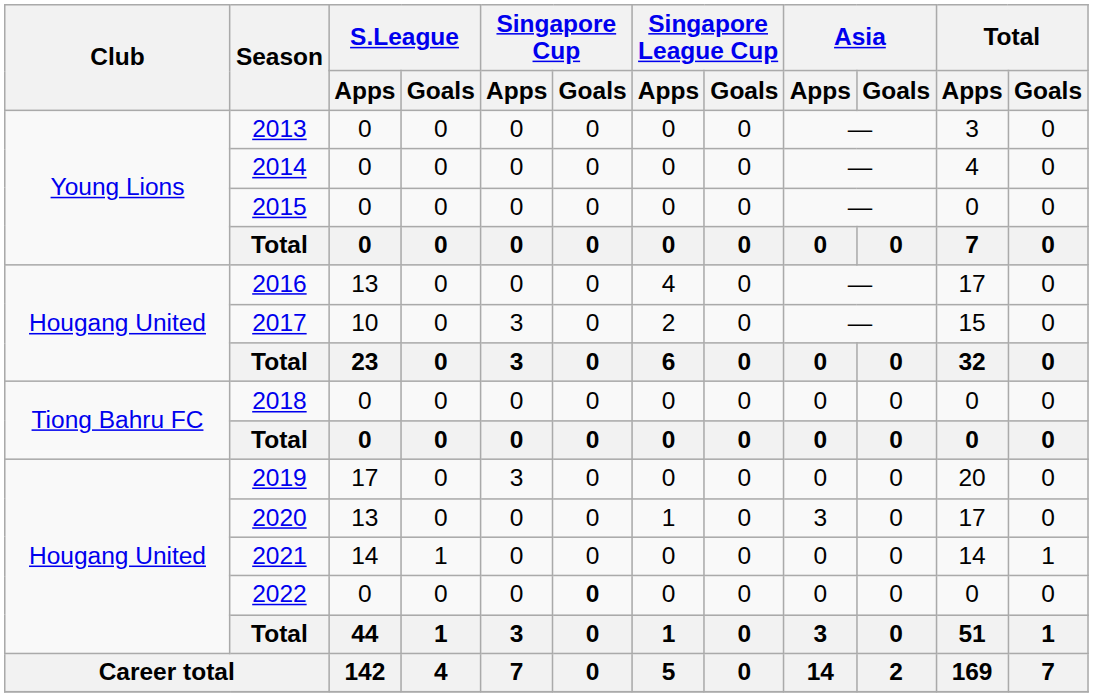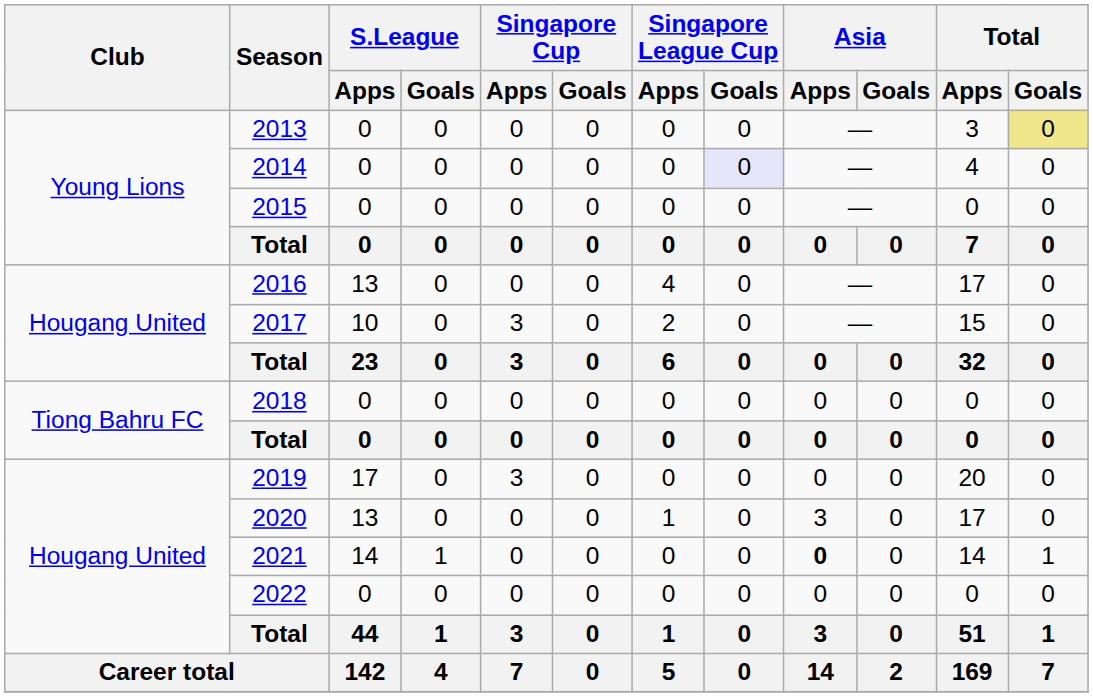 <table class="wikitable" style="text-align:center">
 <tr>
 <th rowspan=2 width=140>Club</th>
 <th rowspan=2>Season</th>
 <th colspan=2><a href='#'>S.League</a></th>
 <th colspan=2><a href='#'>Singapore Cup</a></th>
 <th colspan=2><a href='#'>Singapore<br>League Cup</a></th>
 <th colspan="2"><a href='#'>Asia</a></th>
 <th colspan=2>Total</th>
 </tr>
 <tr>
 <th width=40>Apps</th>
 <th width=40>Goals</th>
 <th width=40>Apps</th>
 <th width=40>Goals</th>
 <th width=40>Apps</th>
 <th width=40>Goals</th>
 <th width=40>Apps</th>
 <th width=40>Goals</th>
 <th width=40>Apps</th>
 <th width=40>Goals</th>
 </tr>
 <tr>
 <td rowspan=4><a href='#'>Young Lions</a></td>
 <td><a href='#'>2013</a></td>
 <td>0</td>
 <td>0</td>
 <td>0</td>
 <td>0</td>
 <td>0</td>
 <td>0</td>
 <td colspan='2'>—</td>
 <td>3</td>
-<td>0</td>
+<td style="background: khaki;">0</td>
 </tr>
 <tr>
 <td><a href='#'>2014</a></td>
 <td>0</td>
 <td>0</td>
 <td>0</td>
 <td>0</td>
 <td>0</td>
-<td>0</td>
+<td style="background: lavender;">0</td>
 <td colspan='2'>—</td>
 <td>4</td>
 <td>0</td>
 </tr>
 <tr>
 <td><a href='#'>2015</a></td>
 <td>0</td>
 <td>0</td>
 <td>0</td>
 <td>0</td>
 <td>0</td>
 <td>0</td>
 <td colspan='2'>—</td>
 <td>0</td>
 <td>0</td>
 </tr>
 <tr>
 <th>Total</th>
 <th>0</th>
 <th>0</th>
 <th>0</th>
 <th>0</th>
 <th>0</th>
 <th>0</th>
 <th>0</th>
 <th>0</th>
 <th>7</th>
 <th>0</th>
 </tr>
 <tr>
 <td rowspan="3"><a href='#'>Hougang United</a></td>
 <td><a href='#'>2016</a></td>
 <td>13</td>
 <td>0</td>
 <td>0</td>
 <td>0</td>
 <td>4</td>
 <td>0</td>
 <td colspan="2">—</td>
 <td>17</td>
 <td>0</td>
 </tr>
 <tr>
 <td><a href='#'>2017</a></td>
 <td>10</td>
 <td>0</td>
 <td>3</td>
 <td>0</td>
 <td>2</td>
 <td>0</td>
 <td colspan='2'>—</td>
 <td>15</td>
 <td>0</td>
 </tr>
 <tr>
 <th>Total</th>
 <th>23</th>
 <th>0</th>
 <th>3</th>
 <th>0</th>
 <th>6</th>
 <th>0</th>
 <th>0</th>
 <th>0</th>
 <th>32</th>
 <th>0</th>
 </tr>
 <tr>
 <td rowspan="2"><a href='#'>Tiong Bahru FC</a></td>
 <td><a href='#'>2018</a></td>
 <td>0</td>
 <td>0</td>
 <td>0</td>
 <td>0</td>
 <td>0</td>
 <td>0</td>
 <td>0</td>
 <td>0</td>
 <td>0</td>
 <td>0</td>
 </tr>
 <tr>
 <th>Total</th>
 <th>0</th>
 <th>0</th>
 <th>0</th>
 <th>0</th>
 <th>0</th>
 <th>0</th>
 <th>0</th>
 <th>0</th>
 <th>0</th>
 <th>0</th>
 </tr>
 <tr>
 <td rowspan="5"><a href='#'>Hougang United</a></td>
 <td><a href='#'>2019</a></td>
 <td>17</td>
 <td>0</td>
 <td>3</td>
 <td>0</td>
 <td>0</td>
 <td>0</td>
 <td>0</td>
 <td>0</td>
 <td>20</td>
 <td>0</td>
 </tr>
 <tr>
 <td><a href='#'>2020</a></td>
 <td>13</td>
 <td>0</td>
 <td>0</td>
 <td>0</td>
 <td>1</td>
 <td>0</td>
 <td>3</td>
 <td>0</td>
 <td>17</td>
 <td>0</td>
 </tr>
 <tr>
 <td><a href='#'>2021</a></td>
 <td>14</td>
 <td>1</td>
 <td>0</td>
 <td>0</td>
 <td>0</td>
 <td>0</td>
-<td>0</td>
+<td><strong>0</strong></td>
 <td>0</td>
 <td>14</td>
 <td>1</td>
 </tr>
 <tr>
 <td><a href='#'>2022</a></td>
 <td>0</td>
 <td>0</td>
 <td>0</td>
-<td><strong>0</strong></td>
+<td>0</td>
 <td>0</td>
 <td>0</td>
 <td>0</td>
 <td>0</td>
 <td>0</td>
 <td>0</td>
 </tr>
 <tr>
 <th>Total</th>
 <th>44</th>
 <th>1</th>
 <th>3</th>
 <th>0</th>
 <th>1</th>
 <th>0</th>
 <th>3</th>
 <th>0</th>
 <th>51</th>
 <th>1</th>
 </tr>
 <tr>
 <th colspan="2">Career total</th>
 <th>142</th>
 <th>4</th>
 <th>7</th>
 <th>0</th>
 <th>5</th>
 <th>0</th>
 <th>14</th>
 <th>2</th>
 <th>169</th>
 <th>7</th>
 </tr>
 <tr>
 </tr>
 </table>
